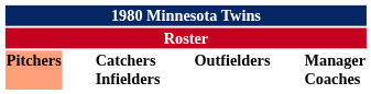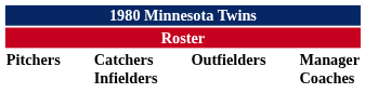 <table class="toccolours" style="font-size: 95%;">
 <tr>
 <th colspan="10" style="background:#072764; color:white; text-align:center;">1980 Minnesota Twins</th>
 </tr>
 <tr>
 <td colspan="10" style="background:#c6011f; color:white; text-align:center;"><strong>Roster</strong></td>
 </tr>
 <tr>
-<td valign="top" style="background: lightsalmon;"><strong>Pitchers</strong><br>             </td>
+<td valign="top"><strong>Pitchers</strong><br>             </td>
 <td style="width:25px;"></td>
 <td valign="top"><strong>Catchers</strong><br>  <strong>Infielders</strong>           </td>
 <td style="width:25px;"></td>
 <td valign="top"><strong>Outfielders</strong><br>        </td>
 <td style="width:25px;"></td>
 <td valign="top"><strong>Manager</strong><br>  <strong>Coaches</strong>     </td>
 </tr>
 </table>
